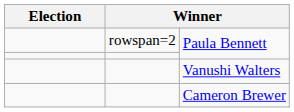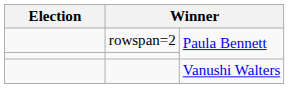 <table class=wikitable>
 <tr>
 <th width=100>Election</th>
 <th width=175 colspan=2>Winner</th>
 </tr>
 <tr>
 <td></td>
 <td>rowspan=2 </td>
 <td rowspan=2><a href='#'>Paula Bennett</a></td>
 </tr>
 <tr>
 <td></td>
 </tr>
 <tr>
 <td></td>
 <td></td>
 <td><a href='#'>Vanushi Walters</a></td>
 </tr>
-<tr>
-<td></td>
-<td></td>
-<td><a href='#'>Cameron Brewer</a></td>
-</tr>
 </table>
